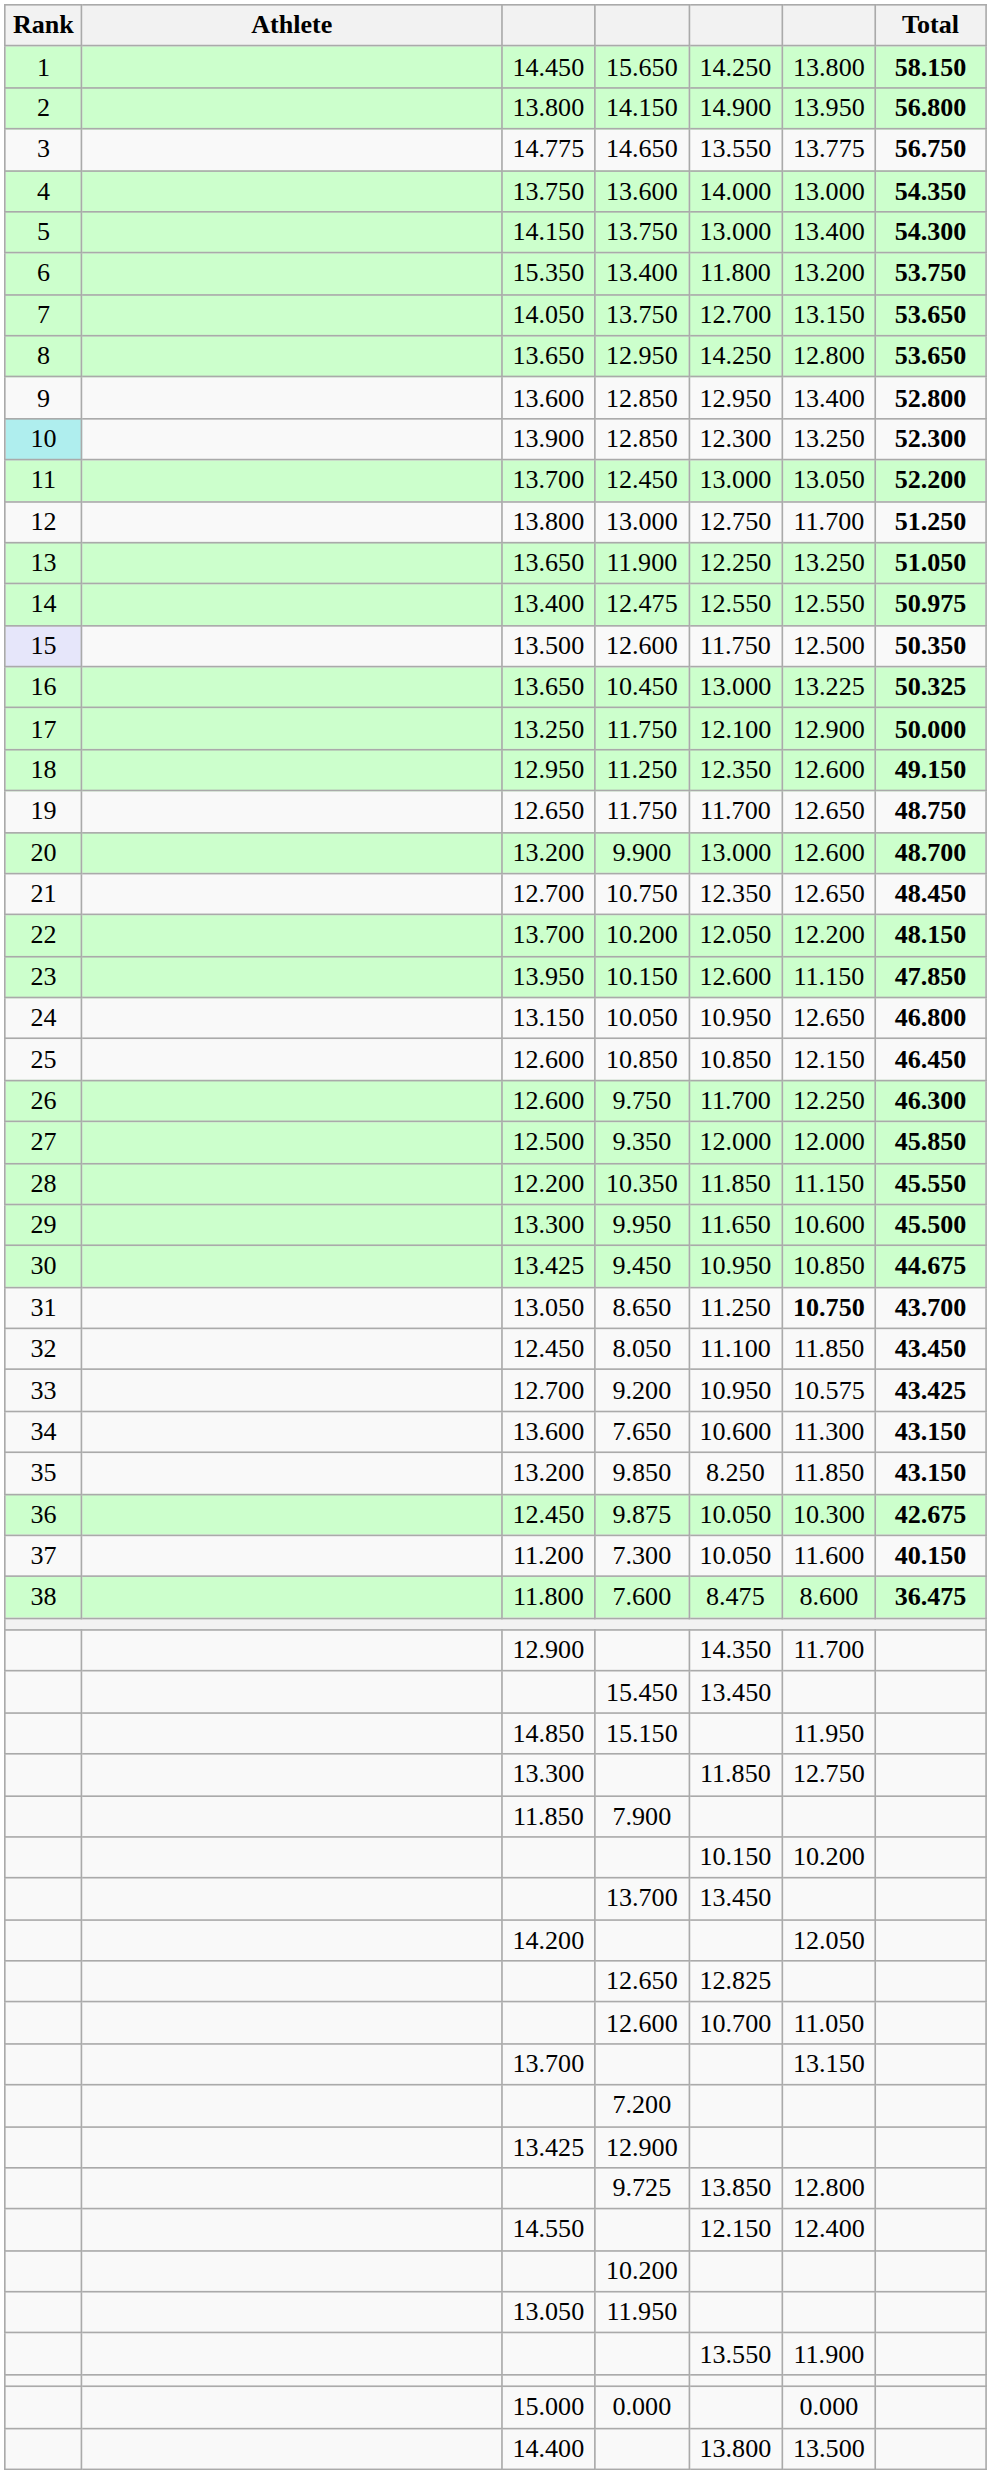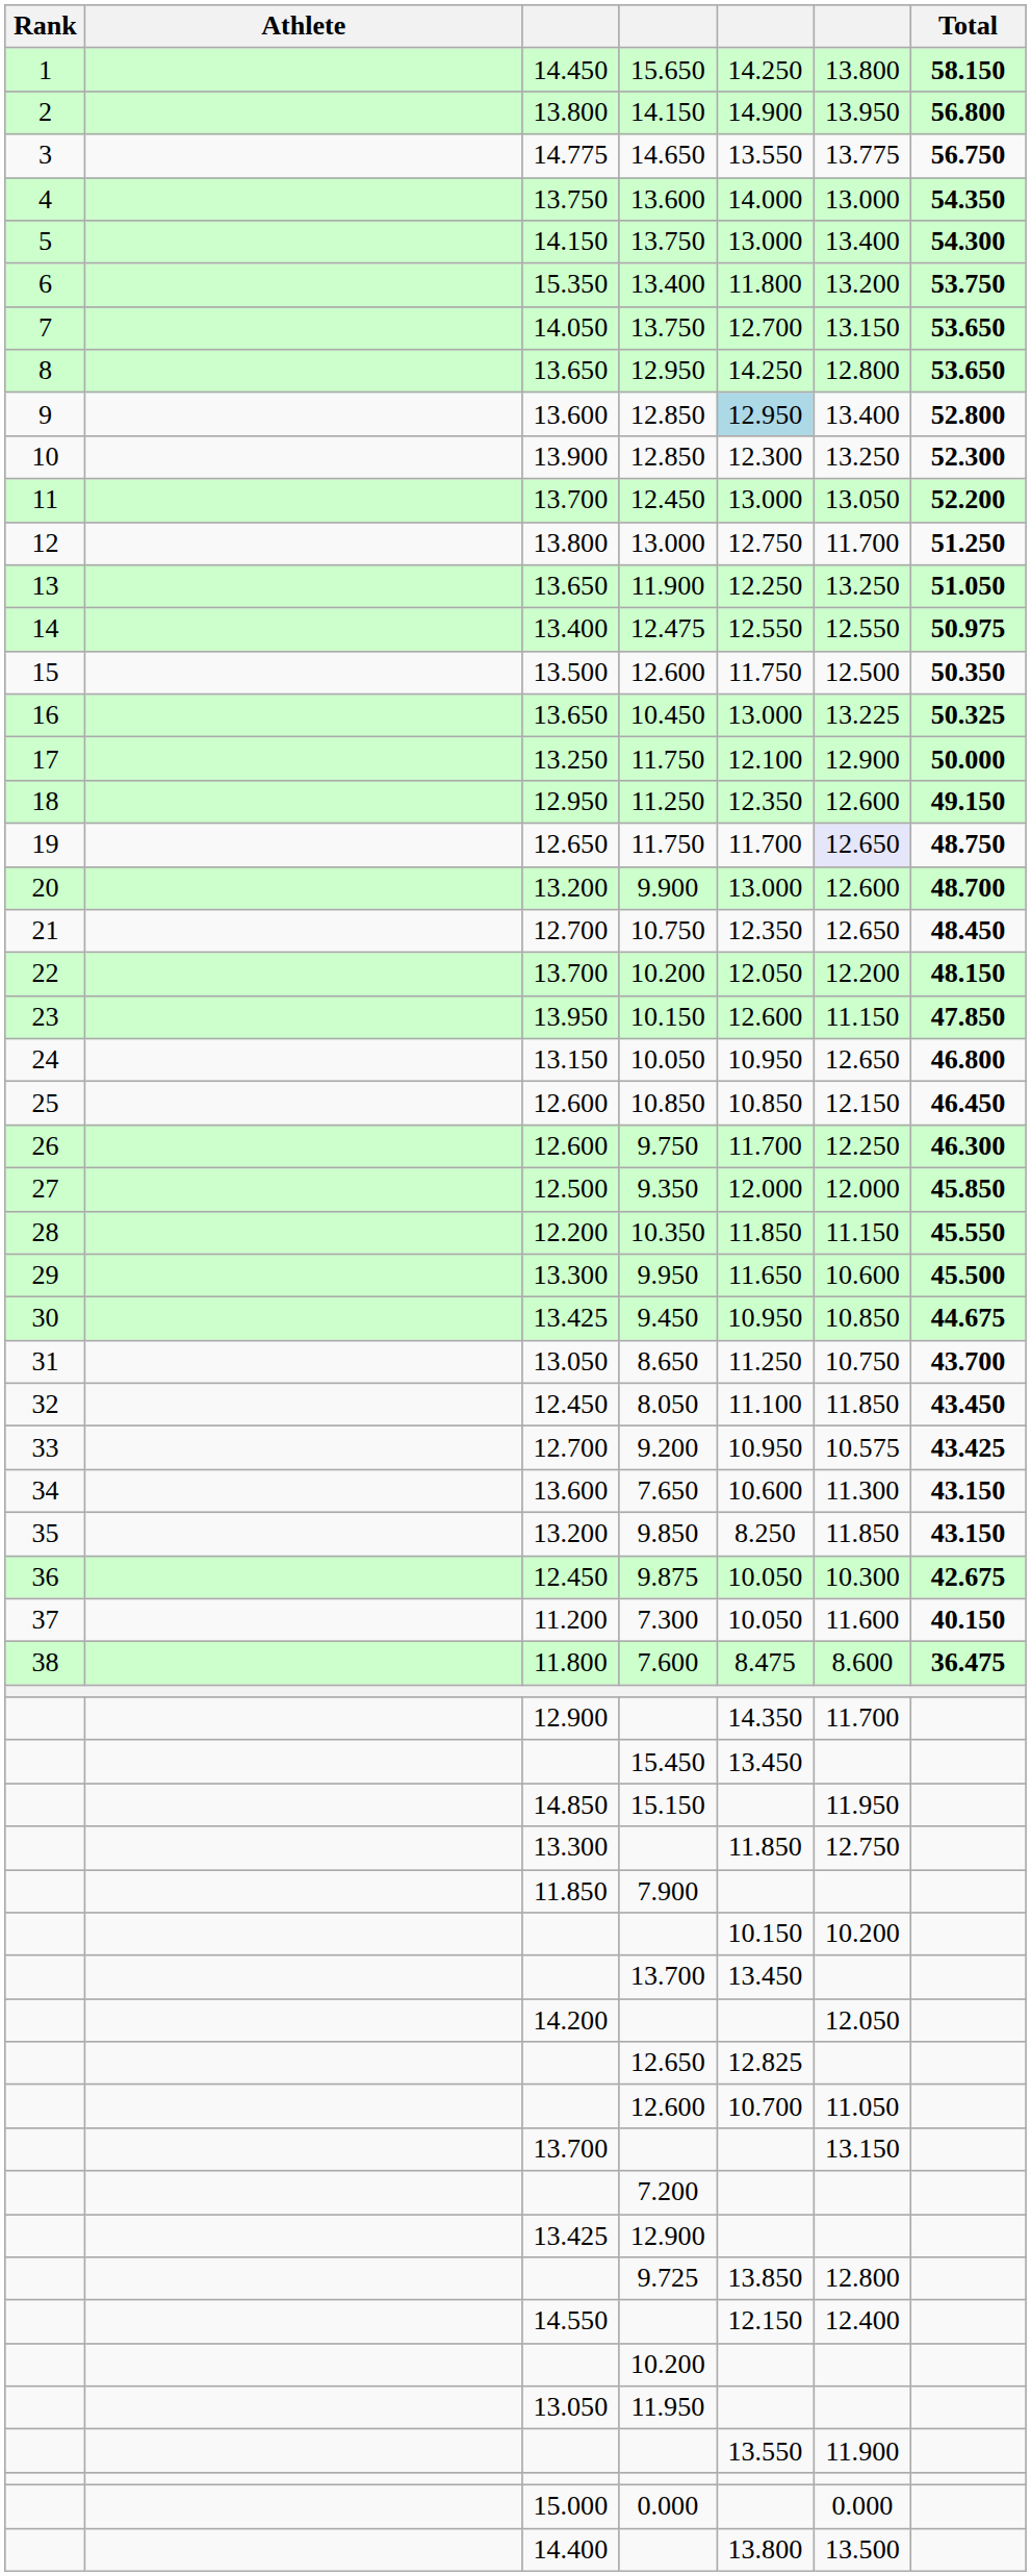 <table class=wikitable style="text-align:center">
 <tr>
 <th width=40>Rank</th>
 <th width=250>Athlete</th>
 <th width=50></th>
 <th width=50></th>
 <th width=50></th>
 <th width=50></th>
 <th width=60>Total</th>
 </tr>
 <tr bgcolor="ccffcc">
 <td>1</td>
 <td align=left></td>
 <td>14.450</td>
 <td>15.650</td>
 <td>14.250</td>
 <td>13.800</td>
 <td><strong>58.150</strong></td>
 </tr>
 <tr bgcolor="ccffcc">
 <td>2</td>
 <td align=left></td>
 <td>13.800</td>
 <td>14.150</td>
 <td>14.900</td>
 <td>13.950</td>
 <td><strong>56.800</strong></td>
 </tr>
 <tr>
 <td>3</td>
 <td align=left></td>
 <td>14.775</td>
 <td>14.650</td>
 <td>13.550</td>
 <td>13.775</td>
 <td><strong>56.750</strong></td>
 </tr>
 <tr bgcolor="ccffcc">
 <td>4</td>
 <td align=left></td>
 <td>13.750</td>
 <td>13.600</td>
 <td>14.000</td>
 <td>13.000</td>
 <td><strong>54.350</strong></td>
 </tr>
 <tr bgcolor="ccffcc">
 <td>5</td>
 <td align=left></td>
 <td>14.150</td>
 <td>13.750</td>
 <td>13.000</td>
 <td>13.400</td>
 <td><strong>54.300</strong></td>
 </tr>
 <tr bgcolor="ccffcc">
 <td>6 </td>
 <td align=left></td>
 <td>15.350</td>
 <td>13.400</td>
 <td>11.800</td>
 <td>13.200</td>
 <td><strong>53.750</strong></td>
 </tr>
 <tr bgcolor="ccffcc">
 <td>7</td>
 <td align=left></td>
 <td>14.050</td>
 <td>13.750</td>
 <td>12.700</td>
 <td>13.150</td>
 <td><strong>53.650</strong></td>
 </tr>
 <tr bgcolor="ccffcc">
 <td>8</td>
 <td align=left></td>
 <td>13.650</td>
 <td>12.950</td>
 <td>14.250</td>
 <td>12.800</td>
 <td><strong>53.650</strong></td>
 </tr>
 <tr>
 <td>9</td>
 <td align=left></td>
 <td>13.600</td>
 <td>12.850</td>
-<td>12.950</td>
+<td style="background: lightblue;">12.950</td>
 <td>13.400</td>
 <td><strong>52.800</strong></td>
 </tr>
 <tr>
-<td style="background: paleturquoise;">10</td>
+<td>10</td>
 <td align=left></td>
 <td>13.900</td>
 <td>12.850</td>
 <td>12.300</td>
 <td>13.250</td>
 <td><strong>52.300</strong></td>
 </tr>
 <tr bgcolor="ccffcc">
 <td>11</td>
 <td align=left></td>
 <td>13.700</td>
 <td>12.450</td>
 <td>13.000</td>
 <td>13.050</td>
 <td><strong>52.200</strong></td>
 </tr>
 <tr>
 <td>12</td>
 <td align=left></td>
 <td>13.800</td>
 <td>13.000</td>
 <td>12.750</td>
 <td>11.700</td>
 <td><strong>51.250</strong></td>
 </tr>
 <tr bgcolor="ccffcc">
 <td>13</td>
 <td align=left></td>
 <td>13.650</td>
 <td>11.900</td>
 <td>12.250</td>
 <td>13.250</td>
 <td><strong>51.050</strong></td>
 </tr>
 <tr bgcolor="ccffcc">
 <td>14</td>
 <td align=left></td>
 <td>13.400</td>
 <td>12.475</td>
 <td>12.550</td>
 <td>12.550</td>
 <td><strong>50.975</strong></td>
 </tr>
 <tr>
-<td style="background: lavender;">15</td>
+<td>15</td>
 <td align=left></td>
 <td>13.500</td>
 <td>12.600</td>
 <td>11.750</td>
 <td>12.500</td>
 <td><strong>50.350</strong></td>
 </tr>
 <tr bgcolor="ccffcc">
 <td>16</td>
 <td align=left></td>
 <td>13.650</td>
 <td>10.450</td>
 <td>13.000</td>
 <td>13.225</td>
 <td><strong>50.325</strong></td>
 </tr>
 <tr bgcolor="ccffcc">
 <td>17 </td>
 <td align=left></td>
 <td>13.250</td>
 <td>11.750</td>
 <td>12.100</td>
 <td>12.900</td>
 <td><strong>50.000</strong></td>
 </tr>
 <tr bgcolor="ccffcc">
 <td>18</td>
 <td align=left></td>
 <td>12.950</td>
 <td>11.250</td>
 <td>12.350</td>
 <td>12.600</td>
 <td><strong>49.150</strong></td>
 </tr>
 <tr>
 <td>19 </td>
 <td align=left></td>
 <td>12.650</td>
 <td>11.750</td>
 <td>11.700</td>
-<td>12.650</td>
+<td style="background: lavender;">12.650</td>
 <td><strong>48.750</strong></td>
 </tr>
 <tr bgcolor="ccffcc">
 <td>20</td>
 <td align=left></td>
 <td>13.200</td>
 <td>9.900</td>
 <td>13.000</td>
 <td>12.600</td>
 <td><strong>48.700</strong></td>
 </tr>
 <tr>
 <td>21</td>
 <td align=left></td>
 <td>12.700</td>
 <td>10.750</td>
 <td>12.350</td>
 <td>12.650</td>
 <td><strong>48.450</strong></td>
 </tr>
 <tr bgcolor="ccffcc">
 <td>22</td>
 <td align=left></td>
 <td>13.700</td>
 <td>10.200</td>
 <td>12.050</td>
 <td>12.200</td>
 <td><strong>48.150</strong></td>
 </tr>
 <tr bgcolor="ccffcc">
 <td>23</td>
 <td align=left></td>
 <td>13.950</td>
 <td>10.150</td>
 <td>12.600</td>
 <td>11.150</td>
 <td><strong>47.850</strong></td>
 </tr>
 <tr>
 <td>24</td>
 <td align=left></td>
 <td>13.150</td>
 <td>10.050</td>
 <td>10.950</td>
 <td>12.650</td>
 <td><strong>46.800</strong></td>
 </tr>
 <tr>
 <td>25</td>
 <td align=left></td>
 <td>12.600</td>
 <td>10.850</td>
 <td>10.850</td>
 <td>12.150</td>
 <td><strong>46.450</strong></td>
 </tr>
 <tr bgcolor="ccffcc">
 <td>26</td>
 <td align=left></td>
 <td>12.600</td>
 <td>9.750</td>
 <td>11.700</td>
 <td>12.250</td>
 <td><strong>46.300</strong></td>
 </tr>
 <tr bgcolor="ccffcc">
 <td>27</td>
 <td align=left></td>
 <td>12.500</td>
 <td>9.350</td>
 <td>12.000</td>
 <td>12.000</td>
 <td><strong>45.850</strong></td>
 </tr>
 <tr bgcolor="ccffcc">
 <td>28</td>
 <td align=left></td>
 <td>12.200</td>
 <td>10.350</td>
 <td>11.850</td>
 <td>11.150</td>
 <td><strong>45.550</strong></td>
 </tr>
 <tr bgcolor="ccffcc">
 <td>29</td>
 <td align=left></td>
 <td>13.300</td>
 <td>9.950</td>
 <td>11.650</td>
 <td>10.600</td>
 <td><strong>45.500</strong></td>
 </tr>
 <tr bgcolor="ccffcc">
 <td>30</td>
 <td align=left></td>
 <td>13.425</td>
 <td>9.450</td>
 <td>10.950</td>
 <td>10.850</td>
 <td><strong>44.675</strong></td>
 </tr>
 <tr>
 <td>31</td>
 <td align=left></td>
 <td>13.050</td>
 <td>8.650</td>
 <td>11.250</td>
-<td><strong>10.750</strong></td>
+<td>10.750</td>
 <td><strong>43.700</strong></td>
 </tr>
 <tr>
 <td>32</td>
 <td align=left></td>
 <td>12.450</td>
 <td>8.050</td>
 <td>11.100</td>
 <td>11.850</td>
 <td><strong>43.450</strong></td>
 </tr>
 <tr>
 <td>33</td>
 <td align=left></td>
 <td>12.700</td>
 <td>9.200</td>
 <td>10.950</td>
 <td>10.575</td>
 <td><strong>43.425</strong></td>
 </tr>
 <tr>
 <td>34</td>
 <td align=left></td>
 <td>13.600</td>
 <td>7.650</td>
 <td>10.600</td>
 <td>11.300</td>
 <td><strong>43.150</strong></td>
 </tr>
 <tr>
 <td>35</td>
 <td align=left></td>
 <td>13.200</td>
 <td>9.850</td>
 <td>8.250</td>
 <td>11.850</td>
 <td><strong>43.150</strong></td>
 </tr>
 <tr bgcolor="ccffcc">
 <td>36</td>
 <td align=left></td>
 <td>12.450</td>
 <td>9.875</td>
 <td>10.050</td>
 <td>10.300</td>
 <td><strong>42.675</strong></td>
 </tr>
 <tr>
 <td>37</td>
 <td align=left></td>
 <td>11.200</td>
 <td>7.300</td>
 <td>10.050</td>
 <td>11.600</td>
 <td><strong>40.150</strong></td>
 </tr>
 <tr bgcolor="ccffcc">
 <td>38</td>
 <td align=left></td>
 <td>11.800</td>
 <td>7.600</td>
 <td>8.475</td>
 <td>8.600</td>
 <td><strong>36.475</strong></td>
 </tr>
 <tr>
 <th colspan=9></th>
 </tr>
 <tr>
 <td></td>
 <td align=left></td>
 <td>12.900</td>
 <td></td>
 <td>14.350</td>
 <td>11.700</td>
 <td></td>
 </tr>
 <tr>
 <td></td>
 <td align=left></td>
 <td></td>
 <td>15.450</td>
 <td>13.450</td>
 <td></td>
 <td></td>
 </tr>
 <tr>
 <td></td>
 <td align=left></td>
 <td>14.850</td>
 <td>15.150</td>
 <td></td>
 <td>11.950</td>
 <td></td>
 </tr>
 <tr>
 <td></td>
 <td align=left></td>
 <td>13.300</td>
 <td></td>
 <td>11.850</td>
 <td>12.750</td>
 <td></td>
 </tr>
 <tr>
 <td></td>
 <td align=left></td>
 <td>11.850</td>
 <td>7.900</td>
 <td></td>
 <td></td>
 <td></td>
 </tr>
 <tr>
 <td></td>
 <td align=left></td>
 <td></td>
 <td></td>
 <td>10.150</td>
 <td>10.200</td>
 <td></td>
 </tr>
 <tr>
 <td></td>
 <td align=left></td>
 <td></td>
 <td>13.700</td>
 <td>13.450</td>
 <td></td>
 <td></td>
 </tr>
 <tr>
 <td></td>
 <td align=left></td>
 <td>14.200</td>
 <td></td>
 <td></td>
 <td>12.050</td>
 <td></td>
 </tr>
 <tr>
 <td></td>
 <td align=left></td>
 <td></td>
 <td>12.650</td>
 <td>12.825</td>
 <td></td>
 <td></td>
 </tr>
 <tr>
 <td></td>
 <td align=left></td>
 <td></td>
 <td>12.600</td>
 <td>10.700</td>
 <td>11.050</td>
 <td></td>
 </tr>
 <tr>
 <td></td>
 <td align=left></td>
 <td>13.700</td>
 <td></td>
 <td></td>
 <td>13.150</td>
 <td></td>
 </tr>
 <tr>
 <td></td>
 <td align=left></td>
 <td></td>
 <td>7.200</td>
 <td></td>
 <td></td>
 <td></td>
 </tr>
 <tr>
 <td></td>
 <td align=left></td>
 <td>13.425</td>
 <td>12.900</td>
 <td></td>
 <td></td>
 <td></td>
 </tr>
 <tr>
 <td></td>
 <td align=left></td>
 <td></td>
 <td>9.725</td>
 <td>13.850</td>
 <td>12.800</td>
 <td></td>
 </tr>
 <tr>
 <td></td>
 <td align=left></td>
 <td>14.550</td>
 <td></td>
 <td>12.150</td>
 <td>12.400</td>
 <td></td>
 </tr>
 <tr>
 <td></td>
 <td align=left></td>
 <td></td>
 <td>10.200</td>
 <td></td>
 <td></td>
 <td></td>
 </tr>
 <tr>
 <td></td>
 <td align=left></td>
 <td>13.050</td>
 <td>11.950</td>
 <td></td>
 <td></td>
 <td></td>
 </tr>
 <tr>
 <td></td>
 <td align=left></td>
 <td></td>
 <td></td>
 <td>13.550</td>
 <td>11.900</td>
 <td></td>
 </tr>
 <tr>
 <td></td>
 <td align=left></td>
 <td></td>
 <td></td>
 <td></td>
 <td></td>
 <td></td>
 </tr>
 <tr>
 <td></td>
 <td align=left></td>
 <td>15.000</td>
 <td>0.000</td>
 <td></td>
 <td>0.000</td>
 <td></td>
 </tr>
 <tr>
 <td></td>
 <td align=left></td>
 <td>14.400</td>
 <td></td>
 <td>13.800</td>
 <td>13.500</td>
 <td></td>
 </tr>
 </table>
